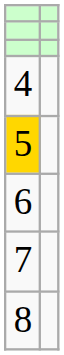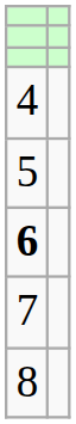 <table class="wikitable">
 <tr bgcolor=#ccffcc>
 <td align=center></td>
 <td></td>
 </tr>
 <tr bgcolor=#ccffcc>
 <td align=center></td>
 <td></td>
 </tr>
 <tr bgcolor=#ccffcc>
 <td align=center></td>
 <td></td>
 </tr>
 <tr>
 <td align=center>4</td>
 <td></td>
 </tr>
 <tr>
-<td align=center style="background: gold;">5</td>
+<td align=center>5</td>
 <td></td>
 </tr>
 <tr>
-<td align=center>6</td>
+<td align=center><strong>6</strong></td>
 <td></td>
 </tr>
 <tr>
 <td align=center>7</td>
 <td></td>
 </tr>
 <tr>
 <td align=center>8</td>
 <td></td>
 </tr>
 </table>
